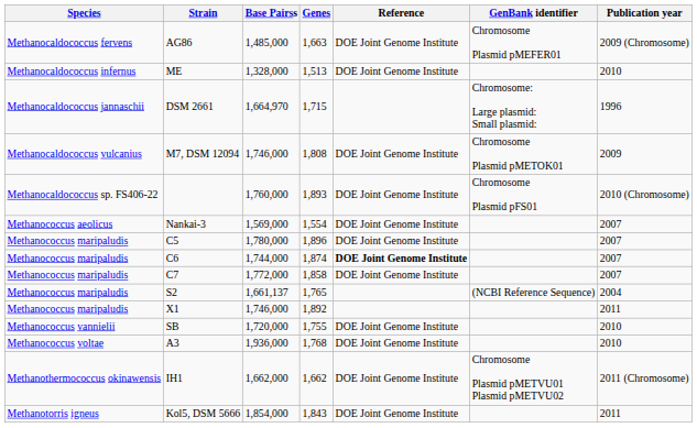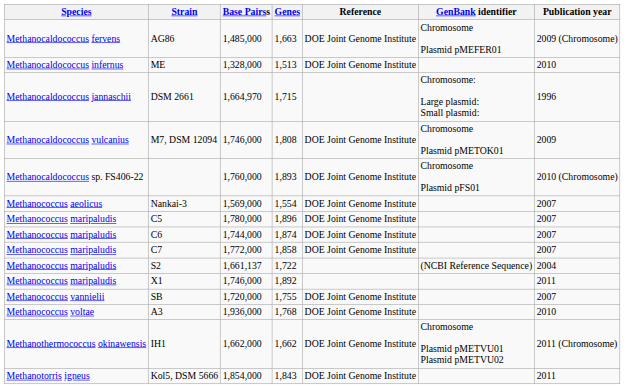 <table class="wikitable sortable">
 <tr>
 <th><a href='#'>Species</a></th>
 <th><a href='#'>Strain</a></th>
 <th><a href='#'>Base Pairs</a>s</th>
 <th><a href='#'>Genes</a></th>
 <th>Reference</th>
 <th><a href='#'>GenBank</a> identifier</th>
 <th>Publication year</th>
 </tr>
 <tr>
 <td><a href='#'>Methanocaldococcus</a> <a href='#'>fervens</a></td>
 <td>AG86</td>
 <td>1,485,000</td>
 <td>1,663</td>
 <td>DOE Joint Genome Institute</td>
 <td>Chromosome <br><br>Plasmid pMEFER01 </td>
 <td>2009 (Chromosome)</td>
 </tr>
 <tr>
 <td><a href='#'>Methanocaldococcus</a> <a href='#'>infernus</a></td>
 <td>ME</td>
 <td>1,328,000</td>
 <td>1,513</td>
 <td>DOE Joint Genome Institute</td>
 <td></td>
 <td>2010</td>
 </tr>
 <tr>
 <td><a href='#'>Methanocaldococcus</a> <a href='#'>jannaschii</a></td>
 <td>DSM 2661</td>
 <td>1,664,970</td>
 <td>1,715</td>
 <td></td>
 <td>Chromosome: <br><br>Large plasmid: <br> Small plasmid: </td>
 <td>1996</td>
 </tr>
 <tr>
 <td><a href='#'>Methanocaldococcus</a> <a href='#'>vulcanius</a></td>
 <td>M7, DSM 12094</td>
 <td>1,746,000</td>
 <td>1,808</td>
 <td>DOE Joint Genome Institute</td>
 <td>Chromosome <br><br>Plasmid pMETOK01 </td>
 <td>2009</td>
 </tr>
 <tr>
 <td><a href='#'>Methanocaldococcus</a> sp. FS406-22</td>
 <td></td>
 <td>1,760,000</td>
 <td>1,893</td>
 <td>DOE Joint Genome Institute</td>
 <td>Chromosome <br><br>Plasmid pFS01 </td>
 <td>2010 (Chromosome)</td>
 </tr>
 <tr>
 <td><a href='#'>Methanococcus</a> <a href='#'>aeolicus</a></td>
 <td>Nankai-3</td>
 <td>1,569,000</td>
 <td>1,554</td>
 <td>DOE Joint Genome Institute</td>
 <td></td>
 <td>2007</td>
 </tr>
 <tr>
 <td><a href='#'>Methanococcus</a> <a href='#'>maripaludis</a></td>
 <td>C5</td>
 <td>1,780,000</td>
 <td>1,896</td>
 <td>DOE Joint Genome Institute</td>
 <td></td>
 <td>2007</td>
 </tr>
 <tr>
 <td><a href='#'>Methanococcus</a> <a href='#'>maripaludis</a></td>
 <td>C6</td>
 <td>1,744,000</td>
 <td>1,874</td>
-<td><strong>DOE Joint Genome Institute</strong></td>
+<td>DOE Joint Genome Institute</td>
 <td></td>
 <td>2007</td>
 </tr>
 <tr>
 <td><a href='#'>Methanococcus</a> <a href='#'>maripaludis</a></td>
 <td>C7</td>
 <td>1,772,000</td>
 <td>1,858</td>
 <td>DOE Joint Genome Institute</td>
 <td></td>
 <td>2007</td>
 </tr>
 <tr>
 <td><a href='#'>Methanococcus</a> <a href='#'>maripaludis</a></td>
 <td>S2</td>
 <td>1,661,137</td>
-<td>1,765</td>
+<td>1,722</td>
 <td></td>
 <td> (NCBI Reference Sequence)</td>
 <td>2004</td>
 </tr>
 <tr>
 <td><a href='#'>Methanococcus</a> <a href='#'>maripaludis</a></td>
 <td>X1</td>
 <td>1,746,000</td>
 <td>1,892</td>
 <td></td>
 <td></td>
 <td>2011</td>
 </tr>
 <tr>
 <td><a href='#'>Methanococcus</a> <a href='#'>vannielii</a></td>
 <td>SB</td>
 <td>1,720,000</td>
 <td>1,755</td>
 <td>DOE Joint Genome Institute</td>
 <td></td>
-<td>2010</td>
+<td>2007</td>
 </tr>
 <tr>
 <td><a href='#'>Methanococcus</a> <a href='#'>voltae</a></td>
 <td>A3</td>
 <td>1,936,000</td>
 <td>1,768</td>
 <td>DOE Joint Genome Institute</td>
 <td></td>
 <td>2010</td>
 </tr>
 <tr>
 <td><a href='#'>Methanothermococcus</a> <a href='#'>okinawensis</a></td>
 <td>IH1</td>
 <td>1,662,000</td>
 <td>1,662</td>
 <td>DOE Joint Genome Institute</td>
 <td>Chromosome <br><br>Plasmid pMETVU01 <br> Plasmid pMETVU02 </td>
 <td>2011 (Chromosome)</td>
 </tr>
 <tr>
 <td><a href='#'>Methanotorris</a> <a href='#'>igneus</a></td>
 <td>Kol5, DSM 5666</td>
 <td>1,854,000</td>
 <td>1,843</td>
 <td>DOE Joint Genome Institute</td>
 <td></td>
 <td>2011</td>
 </tr>
 </table>
